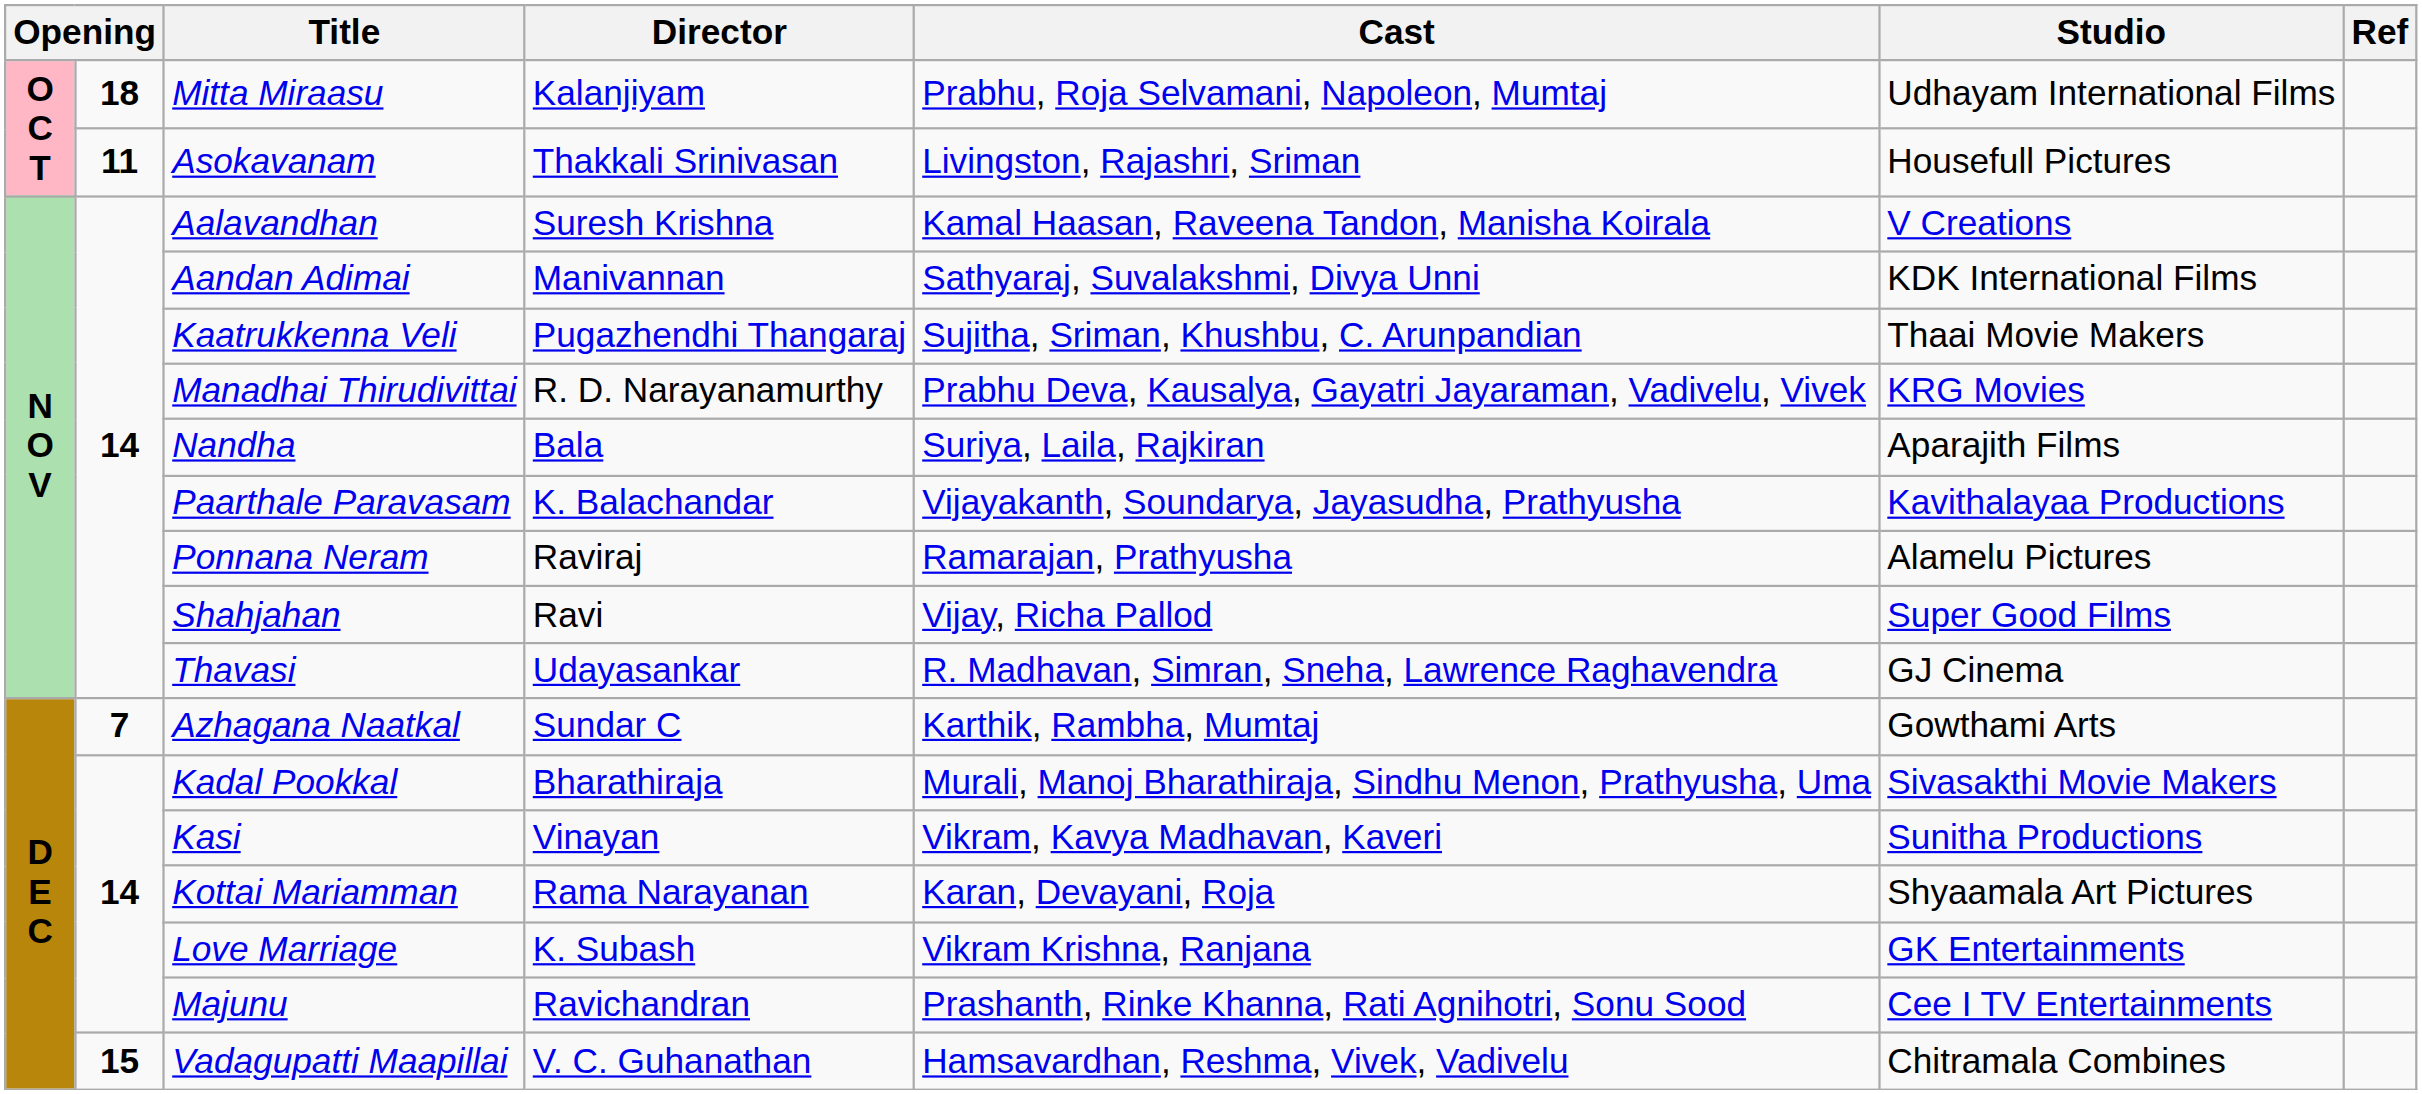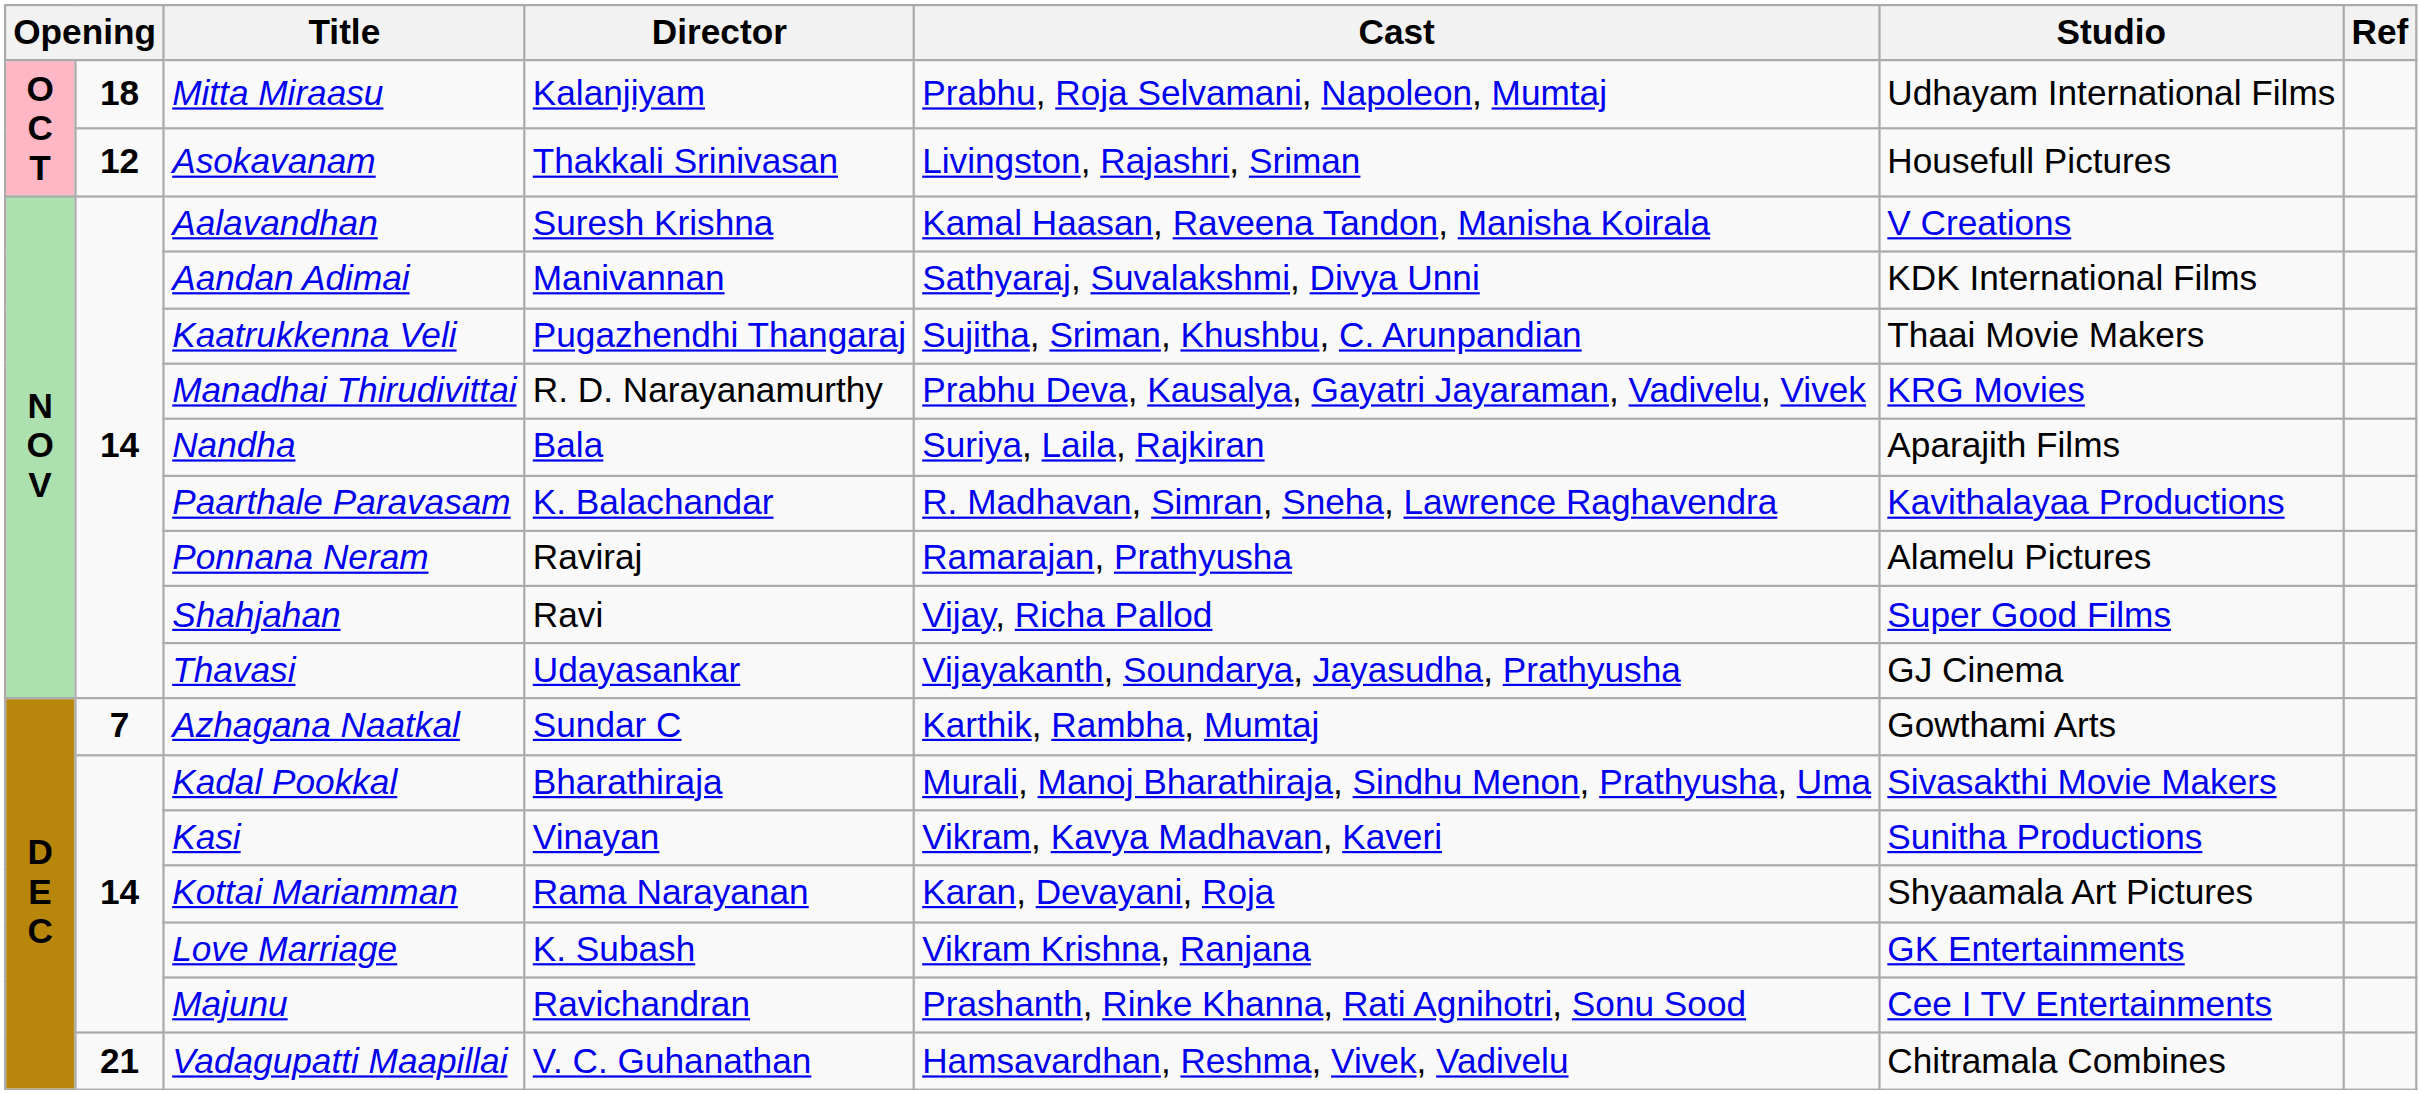 <table class="wikitable">
 <tr>
 <th colspan="2">Opening</th>
 <th>Title</th>
 <th>Director</th>
 <th>Cast</th>
 <th>Studio</th>
 <th>Ref</th>
 </tr>
 <tr October!>
 <td rowspan="2" valign="center" align="center" style="background:#FFB7C5; textcolor:#000;"><strong>O<br>C<br>T</strong></td>
 <td rowspan="1" align="center"><strong>18</strong></td>
 <td><em><a href='#'>Mitta Miraasu</a></em></td>
 <td><a href='#'>Kalanjiyam</a></td>
 <td><a href='#'>Prabhu</a>, <a href='#'>Roja Selvamani</a>, <a href='#'>Napoleon</a>, <a href='#'>Mumtaj</a></td>
 <td>Udhayam International Films</td>
 <td></td>
 </tr>
 <tr>
-<td rowspan="1" align="center"><strong>11</strong></td>
+<td rowspan="1" align="center"><strong>12</strong></td>
 <td><em><a href='#'>Asokavanam</a></em></td>
 <td><a href='#'>Thakkali Srinivasan</a></td>
 <td><a href='#'>Livingston</a>, <a href='#'>Rajashri</a>, <a href='#'>Sriman</a></td>
 <td>Housefull Pictures</td>
 <td></td>
 </tr>
 <tr November!>
 <td rowspan="9" valign="center" align="center" style="background:#ACE1AF; textcolor:#000;"><strong>N<br>O<br>V</strong></td>
 <td rowspan="9" align="center"><strong>14</strong></td>
 <td><em><a href='#'>Aalavandhan</a></em></td>
 <td><a href='#'>Suresh Krishna</a></td>
 <td><a href='#'>Kamal Haasan</a>, <a href='#'>Raveena Tandon</a>, <a href='#'>Manisha Koirala</a></td>
 <td><a href='#'>V Creations</a></td>
 <td></td>
 </tr>
 <tr>
 <td><em><a href='#'>Aandan Adimai</a></em></td>
 <td><a href='#'>Manivannan</a></td>
 <td><a href='#'>Sathyaraj</a>, <a href='#'>Suvalakshmi</a>, <a href='#'>Divya Unni</a></td>
 <td>KDK International Films</td>
 <td></td>
 </tr>
 <tr>
 <td><em><a href='#'>Kaatrukkenna Veli</a></em></td>
 <td><a href='#'>Pugazhendhi Thangaraj</a></td>
 <td><a href='#'>Sujitha</a>, <a href='#'>Sriman</a>, <a href='#'>Khushbu</a>, <a href='#'>C. Arunpandian</a></td>
 <td>Thaai Movie Makers</td>
 <td></td>
 </tr>
 <tr>
 <td><em><a href='#'>Manadhai Thirudivittai</a></em></td>
 <td>R. D. Narayanamurthy</td>
 <td><a href='#'>Prabhu Deva</a>, <a href='#'>Kausalya</a>, <a href='#'>Gayatri Jayaraman</a>, <a href='#'>Vadivelu</a>, <a href='#'>Vivek</a></td>
 <td><a href='#'>KRG Movies</a></td>
 <td></td>
 </tr>
 <tr>
 <td><em><a href='#'>Nandha</a></em></td>
 <td><a href='#'>Bala</a></td>
 <td><a href='#'>Suriya</a>, <a href='#'>Laila</a>, <a href='#'>Rajkiran</a></td>
 <td>Aparajith Films</td>
 <td></td>
 </tr>
 <tr>
 <td><em><a href='#'>Paarthale Paravasam</a></em></td>
 <td><a href='#'>K. Balachandar</a></td>
-<td><a href='#'>Vijayakanth</a>, <a href='#'>Soundarya</a>, <a href='#'>Jayasudha</a>, <a href='#'>Prathyusha</a></td>
+<td><a href='#'>R. Madhavan</a>, <a href='#'>Simran</a>, <a href='#'>Sneha</a>, <a href='#'>Lawrence Raghavendra</a></td>
 <td><a href='#'>Kavithalayaa Productions</a></td>
 <td></td>
 </tr>
 <tr>
 <td><em><a href='#'>Ponnana Neram</a></em></td>
 <td>Raviraj</td>
 <td><a href='#'>Ramarajan</a>, <a href='#'>Prathyusha</a></td>
 <td>Alamelu Pictures</td>
 <td></td>
 </tr>
 <tr>
 <td><em><a href='#'>Shahjahan</a></em></td>
 <td>Ravi</td>
 <td><a href='#'>Vijay</a>, <a href='#'>Richa Pallod</a></td>
 <td><a href='#'>Super Good Films</a></td>
 <td></td>
 </tr>
 <tr>
 <td><em><a href='#'>Thavasi</a></em></td>
 <td><a href='#'>Udayasankar</a></td>
-<td><a href='#'>R. Madhavan</a>, <a href='#'>Simran</a>, <a href='#'>Sneha</a>, <a href='#'>Lawrence Raghavendra</a></td>
+<td><a href='#'>Vijayakanth</a>, <a href='#'>Soundarya</a>, <a href='#'>Jayasudha</a>, <a href='#'>Prathyusha</a></td>
 <td>GJ Cinema</td>
 <td></td>
 </tr>
 <tr December!>
 <td rowspan="7" valign="center" align="center" style="background:#B8860B; textcolor:#000;"><strong>D<br>E<br>C</strong></td>
 <td rowspan="1" align="center"><strong>7</strong></td>
 <td><em><a href='#'>Azhagana Naatkal</a></em></td>
 <td><a href='#'>Sundar C</a></td>
 <td><a href='#'>Karthik</a>, <a href='#'>Rambha</a>, <a href='#'>Mumtaj</a></td>
 <td>Gowthami Arts</td>
 <td></td>
 </tr>
 <tr>
 <td rowspan="5" align="center"><strong>14</strong></td>
 <td><em><a href='#'>Kadal Pookkal</a></em></td>
 <td><a href='#'>Bharathiraja</a></td>
 <td><a href='#'>Murali</a>, <a href='#'>Manoj Bharathiraja</a>, <a href='#'>Sindhu Menon</a>, <a href='#'>Prathyusha</a>, <a href='#'>Uma</a></td>
 <td><a href='#'>Sivasakthi Movie Makers</a></td>
 <td></td>
 </tr>
 <tr>
 <td><em><a href='#'>Kasi</a></em></td>
 <td><a href='#'>Vinayan</a></td>
 <td><a href='#'>Vikram</a>, <a href='#'>Kavya Madhavan</a>, <a href='#'>Kaveri</a></td>
 <td><a href='#'>Sunitha Productions</a></td>
 <td></td>
 </tr>
 <tr>
 <td><em><a href='#'>Kottai Mariamman</a></em></td>
 <td><a href='#'>Rama Narayanan</a></td>
 <td><a href='#'>Karan</a>, <a href='#'>Devayani</a>, <a href='#'>Roja</a></td>
 <td>Shyaamala Art Pictures</td>
 <td></td>
 </tr>
 <tr>
 <td><em><a href='#'>Love Marriage</a></em></td>
 <td><a href='#'>K. Subash</a></td>
 <td><a href='#'>Vikram Krishna</a>, <a href='#'>Ranjana</a></td>
 <td><a href='#'>GK Entertainments</a></td>
 <td></td>
 </tr>
 <tr>
 <td><em><a href='#'>Majunu</a></em></td>
 <td><a href='#'>Ravichandran</a></td>
 <td><a href='#'>Prashanth</a>, <a href='#'>Rinke Khanna</a>, <a href='#'>Rati Agnihotri</a>, <a href='#'>Sonu Sood</a></td>
 <td><a href='#'>Cee I TV Entertainments</a></td>
 <td></td>
 </tr>
 <tr>
-<td rowspan="1" align="center"><strong>15</strong></td>
+<td rowspan="1" align="center"><strong>21</strong></td>
 <td><em><a href='#'>Vadagupatti Maapillai</a></em></td>
 <td><a href='#'>V. C. Guhanathan</a></td>
 <td><a href='#'>Hamsavardhan</a>, <a href='#'>Reshma</a>, <a href='#'>Vivek</a>, <a href='#'>Vadivelu</a></td>
 <td>Chitramala Combines</td>
 <td></td>
 </tr>
 </table>
